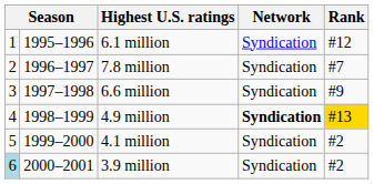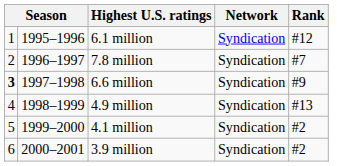 <table class="wikitable">
 <tr>
 <th colspan="2">Season</th>
 <th>Highest U.S. ratings</th>
 <th>Network</th>
 <th>Rank</th>
 </tr>
 <tr>
 <td>1</td>
 <td>1995–1996</td>
 <td>6.1 million</td>
 <td><a href='#'>Syndication</a></td>
 <td>#12</td>
 </tr>
 <tr>
 <td>2</td>
 <td>1996–1997</td>
 <td>7.8 million</td>
 <td>Syndication</td>
 <td>#7</td>
 </tr>
 <tr>
-<td>3</td>
+<td><strong>3</strong></td>
 <td>1997–1998</td>
 <td>6.6 million</td>
 <td>Syndication</td>
 <td>#9</td>
 </tr>
 <tr>
 <td>4</td>
 <td>1998–1999</td>
 <td>4.9 million</td>
-<td><strong>Syndication</strong></td>
-<td style="background: gold;">#13</td>
+<td>Syndication</td>
+<td>#13</td>
 </tr>
 <tr>
 <td>5</td>
 <td>1999–2000</td>
 <td>4.1 million</td>
 <td>Syndication</td>
 <td>#2</td>
 </tr>
 <tr>
-<td style="background: lightblue;">6</td>
+<td>6</td>
 <td>2000–2001</td>
 <td>3.9 million</td>
 <td>Syndication</td>
 <td>#2</td>
 </tr>
 </table>
